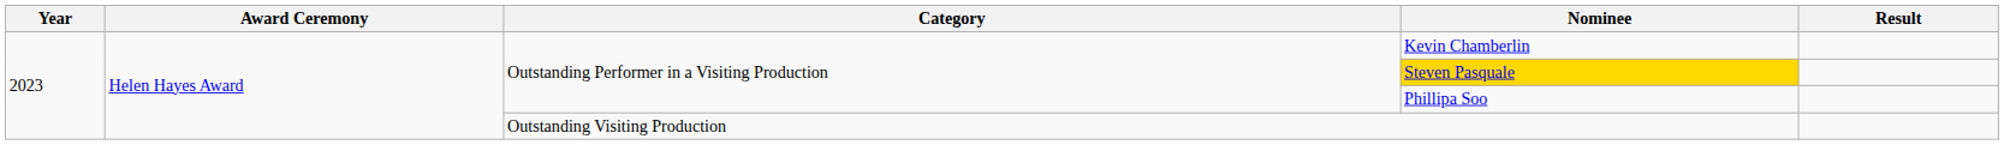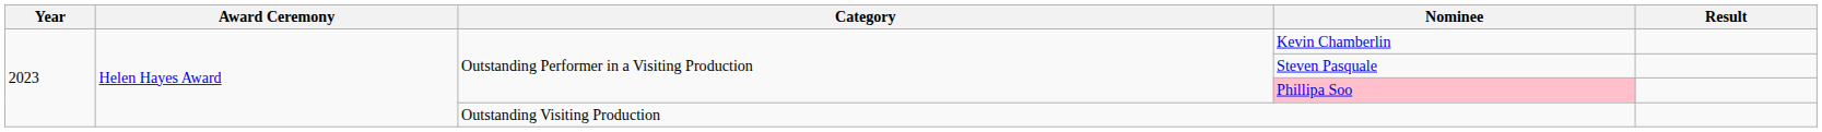 <table class="wikitable" style="width:95%;">
 <tr>
 <th style="width:5%;">Year</th>
 <th style="width:20%;">Award Ceremony</th>
 <th style="width:45%;">Category</th>
 <th style="width:20%;">Nominee</th>
 <th style="width:10%;">Result</th>
 </tr>
 <tr>
 <td rowspan=4 style="width:5%;">2023</td>
 <td rowspan=4 style="width:5%;"><a href='#'>Helen Hayes Award</a></td>
 <td rowspan=3 style="width:5%;">Outstanding Performer in a Visiting Production</td>
 <td style="width:5%;"><a href='#'>Kevin Chamberlin</a></td>
 <td></td>
 </tr>
 <tr>
-<td style="background: gold; width:5%;"><a href='#'>Steven Pasquale</a></td>
+<td style="width:5%;"><a href='#'>Steven Pasquale</a></td>
 <td></td>
 </tr>
 <tr>
-<td style="width:5%;"><a href='#'>Phillipa Soo</a></td>
+<td style="background: pink; width:5%;"><a href='#'>Phillipa Soo</a></td>
 <td></td>
 </tr>
 <tr>
 <td colspan=2 style="width:5%;">Outstanding Visiting Production</td>
 <td></td>
 </tr>
 </table>
